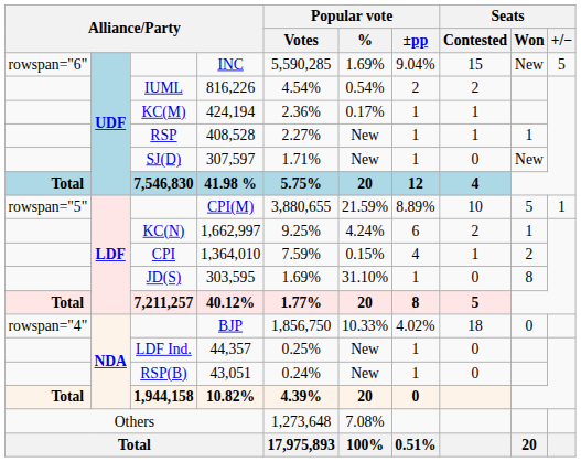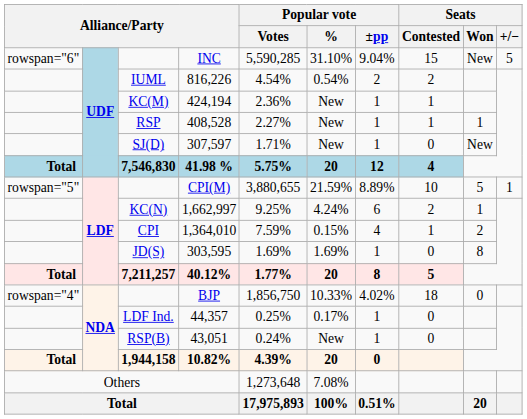 <table class="wikitable sortable" style="text-align:center;">
 <tr>
 <th colspan="4" rowspan="2">Alliance/Party</th>
 <th colspan="3">Popular vote</th>
 <th colspan="3">Seats</th>
 </tr>
 <tr>
 <th>Votes</th>
 <th>%</th>
 <th>±<a href='#'>pp</a></th>
 <th>Contested</th>
 <th>Won</th>
 <th><strong>+/−</strong></th>
 </tr>
 <tr>
 <td>rowspan="6" </td>
 <th rowspan="6"style="background:#ADD8E6"><a href='#'>UDF</a></th>
 <td></td>
 <td><a href='#'>INC</a></td>
 <td>5,590,285</td>
-<td> 1.69%</td>
+<td>31.10%</td>
 <td> 9.04%</td>
 <td>15</td>
 <td>New</td>
 <td> 5</td>
 </tr>
 <tr>
 <td></td>
 <td><a href='#'>IUML</a></td>
 <td>816,226</td>
 <td>4.54%</td>
 <td> 0.54%</td>
 <td>2</td>
 <td>2</td>
 <td></td>
 </tr>
 <tr>
 <td></td>
 <td><a href='#'>KC(M)</a></td>
 <td>424,194</td>
 <td>2.36%</td>
-<td> 0.17%</td>
+<td>New</td>
 <td>1</td>
 <td>1</td>
 <td></td>
 </tr>
 <tr>
 <td></td>
 <td><a href='#'>RSP</a></td>
 <td>408,528</td>
 <td>2.27%</td>
 <td>New</td>
 <td>1</td>
 <td>1</td>
 <td> 1</td>
 </tr>
 <tr>
 <td></td>
 <td><a href='#'>SJ(D)</a></td>
 <td>307,597</td>
 <td>1.71%</td>
 <td>New</td>
 <td>1</td>
 <td>0</td>
 <td>New</td>
 </tr>
 <tr>
 <th colspan="2"style="background:#ADD8E6">Total</th>
 <th style="background:#ADD8E6">7,546,830</th>
 <th style="background:#ADD8E6">41.98 %</th>
 <th style="background:#ADD8E6"> 5.75%</th>
 <th style="background:#ADD8E6">20</th>
 <th style="background:#ADD8E6">12</th>
 <th style="background:#ADD8E6"> 4</th>
 </tr>
 <tr>
 <td>rowspan="5" </td>
 <th rowspan="5"style="background:#FFE6E6"><a href='#'>LDF</a></th>
 <td></td>
 <td><a href='#'>CPI(M)</a></td>
 <td>3,880,655</td>
 <td>21.59%</td>
 <td> 8.89%</td>
 <td>10</td>
 <td>5</td>
 <td> 1</td>
 </tr>
 <tr>
 <td></td>
 <td><a href='#'>KC(N)</a></td>
 <td>1,662,997</td>
 <td>9.25%</td>
 <td> 4.24%</td>
 <td>6</td>
 <td>2</td>
 <td> 1</td>
 </tr>
 <tr>
 <td></td>
 <td><a href='#'>CPI</a></td>
 <td>1,364,010</td>
 <td>7.59%</td>
 <td> 0.15%</td>
 <td>4</td>
 <td>1</td>
 <td> 2</td>
 </tr>
 <tr>
 <td></td>
 <td><a href='#'>JD(S)</a></td>
 <td>303,595</td>
 <td>1.69%</td>
-<td>31.10%</td>
+<td> 1.69%</td>
 <td>1</td>
 <td>0</td>
 <td>8</td>
 </tr>
 <tr>
 <th colspan="2"style="background:#FFE6E6">Total</th>
 <th style="background:#FFE6E6">7,211,257</th>
 <th style="background:#FFE6E6">40.12%</th>
 <th style="background:#FFE6E6"> 1.77%</th>
 <th style="background:#FFE6E6">20</th>
 <th style="background:#FFE6E6">8</th>
 <th style="background:#FFE6E6"> 5</th>
 </tr>
 <tr>
 <td>rowspan="4" </td>
 <th rowspan="4"style="background:#fef3e8"><a href='#'>NDA</a></th>
 <td></td>
 <td><a href='#'>BJP</a></td>
 <td>1,856,750</td>
 <td>10.33%</td>
 <td> 4.02%</td>
 <td>18</td>
 <td>0</td>
 <td></td>
 </tr>
 <tr>
 <td></td>
 <td><a href='#'>LDF Ind.</a></td>
 <td>44,357</td>
 <td>0.25%</td>
-<td>New</td>
+<td> 0.17%</td>
 <td>1</td>
 <td>0</td>
 <td></td>
 </tr>
 <tr>
 <td></td>
 <td><a href='#'>RSP(B)</a></td>
 <td>43,051</td>
 <td>0.24%</td>
 <td>New</td>
 <td>1</td>
 <td>0</td>
 <td></td>
 </tr>
 <tr>
 <th colspan="2"style="background:#fef3e8">Total</th>
 <th style="background:#fef3e8">1,944,158</th>
 <th style="background:#fef3e8">10.82%</th>
 <th style="background:#fef3e8"> 4.39%</th>
 <th style="background:#fef3e8">20</th>
 <th style="background:#fef3e8">0</th>
 <th style="background:#fef3e8"></th>
 </tr>
 <tr>
 <td colspan=4>Others</td>
 <td>1,273,648</td>
 <td>7.08%</td>
 <td></td>
 <td></td>
 <td></td>
 <td></td>
 </tr>
 <tr>
 <th colspan=4>Total</th>
 <th>17,975,893</th>
 <th>100%</th>
 <th> 0.51%</th>
 <th></th>
 <th>20</th>
 <th></th>
 </tr>
 </table>
